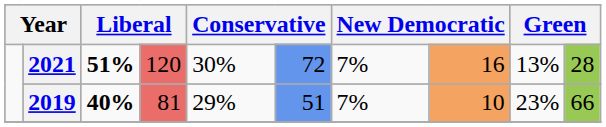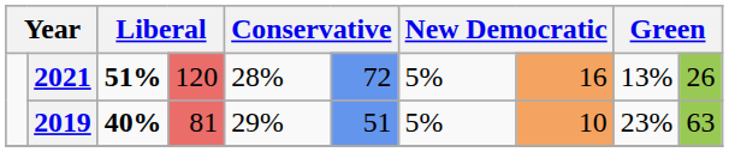 <table class="wikitable" style="width:400; font-size:90%; margin-left:1em;">
 <tr>
 <th colspan="2" scope="col">Year</th>
 <th colspan="2" scope="col"><a href='#'>Liberal</a></th>
 <th colspan="2" scope="col"><a href='#'>Conservative</a></th>
 <th colspan="2" scope="col"><a href='#'>New Democratic</a></th>
 <th colspan="2" scope="col"><a href='#'>Green</a></th>
 </tr>
 <tr>
 <td rowspan="2" style="width: 0.25em; background-color: "></td>
 <th><a href='#'>2021</a></th>
 <td><strong>51%</strong></td>
 <td style="text-align:right; background:#EA6D6A;">120</td>
-<td>30%</td>
+<td>28%</td>
 <td style="text-align:right; background:#6495ED;">72</td>
-<td>7%</td>
+<td>5%</td>
 <td style="text-align:right; background:#F4A460;">16</td>
 <td>13%</td>
-<td style="text-align:right; background:#99C955;">28</td>
+<td style="text-align:right; background:#99C955;">26</td>
 </tr>
 <tr>
 <th><a href='#'>2019</a></th>
 <td><strong>40%</strong></td>
 <td style="text-align:right; background:#EA6D6A;">81</td>
 <td>29%</td>
 <td style="text-align:right; background:#6495ED;">51</td>
-<td>7%</td>
+<td>5%</td>
 <td style="text-align:right; background:#F4A460;">10</td>
 <td>23%</td>
-<td style="text-align:right; background:#99C955;">66</td>
+<td style="text-align:right; background:#99C955;">63</td>
 </tr>
 <tr>
 </tr>
 </table>
